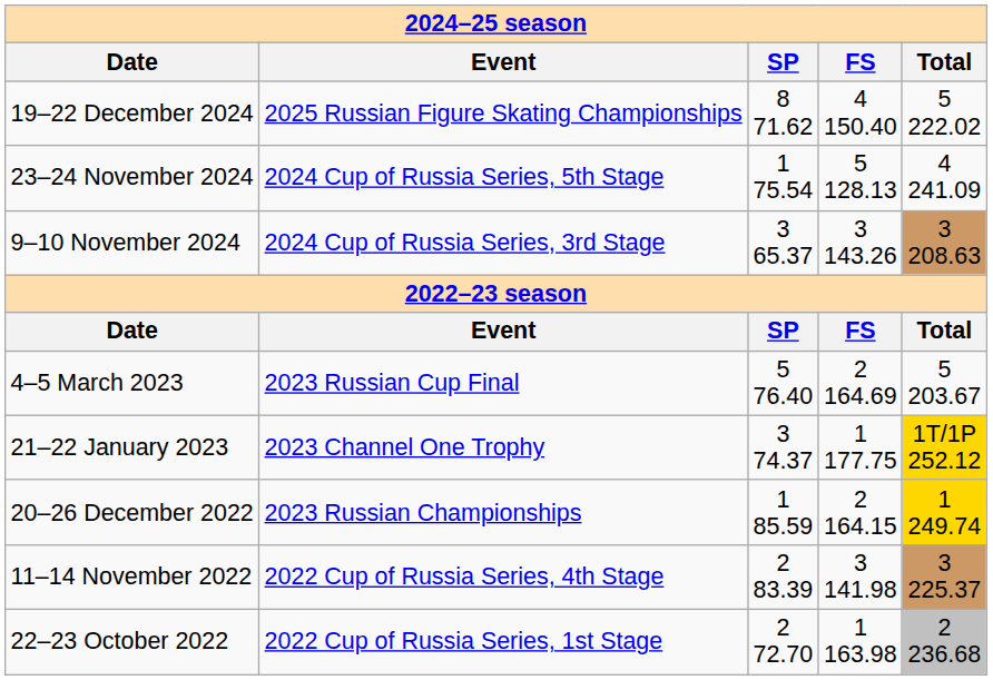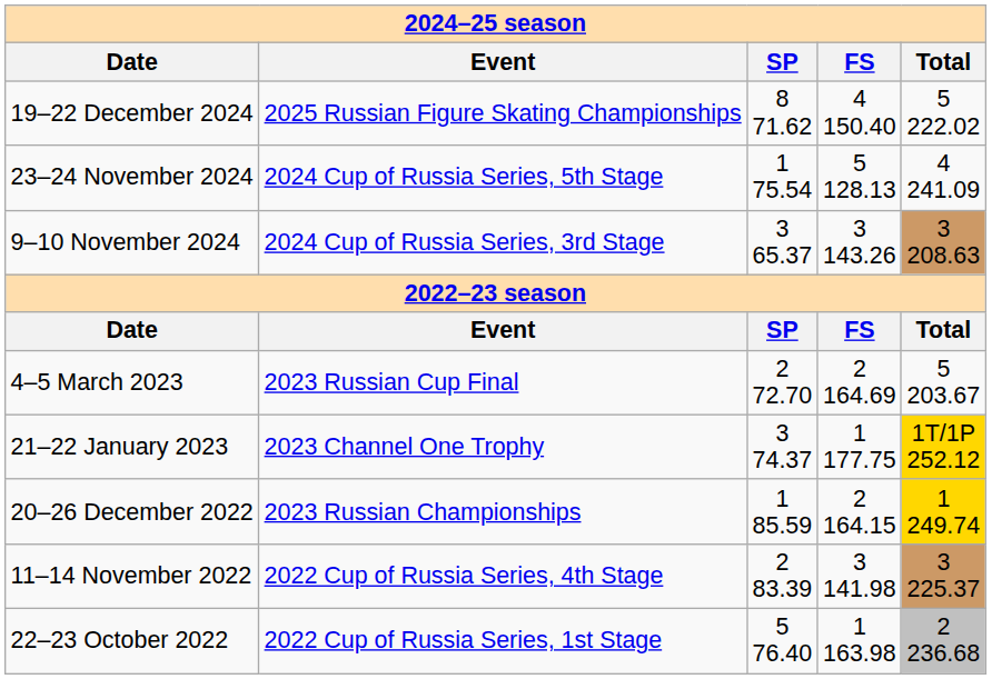 <table class="wikitable">
 <tr>
 <td style="background-color: #ffdead; " colspan=6 align=center><a href='#'><strong>2024–25 season</strong></a></td>
 </tr>
 <tr>
 <th>Date</th>
 <th>Event</th>
 <th><a href='#'>SP</a></th>
 <th><a href='#'>FS</a></th>
 <th>Total</th>
 </tr>
 <tr>
 <td>19–22 December 2024</td>
 <td><a href='#'>2025 Russian Figure Skating Championships</a></td>
 <td align=center>8 <br> 71.62</td>
 <td align=center>4 <br> 150.40</td>
 <td align=center>5 <br> 222.02</td>
 </tr>
 <tr>
 <td>23–24 November 2024</td>
 <td><a href='#'>2024 Cup of Russia Series, 5th Stage</a></td>
 <td align=center>1 <br> 75.54</td>
 <td align=center>5 <br> 128.13</td>
 <td align=center>4 <br> 241.09</td>
 </tr>
 <tr>
 <td>9–10 November 2024</td>
 <td><a href='#'>2024 Cup of Russia Series, 3rd Stage</a></td>
 <td align=center>3 <br> 65.37</td>
 <td align=center>3 <br> 143.26</td>
 <td align=center bgcolor=cc9966>3 <br> 208.63</td>
 </tr>
 <tr>
 <td style="background-color: #ffdead; " colspan=6 align=center><a href='#'><strong>2022–23 season</strong></a></td>
 </tr>
 <tr>
 <th>Date</th>
 <th>Event</th>
 <th><a href='#'>SP</a></th>
 <th><a href='#'>FS</a></th>
 <th>Total</th>
 </tr>
 <tr>
 <td>4–5 March 2023</td>
 <td><a href='#'>2023 Russian Cup Final</a></td>
-<td align=center>5 <br> 76.40</td>
+<td align=center>2 <br> 72.70</td>
 <td align=center>2 <br> 164.69</td>
 <td align=center>5 <br> 203.67</td>
 </tr>
 <tr>
 <td>21–22 January 2023</td>
 <td><a href='#'>2023 Channel One Trophy</a></td>
 <td align=center>3 <br> 74.37</td>
 <td align=center>1 <br> 177.75</td>
 <td align=center bgcolor=gold>1T/1P <br> 252.12</td>
 </tr>
 <tr>
 <td>20–26 December 2022</td>
 <td><a href='#'>2023 Russian Championships</a></td>
 <td align=center>1 <br> 85.59</td>
 <td align=center>2 <br> 164.15</td>
 <td align=center bgcolor=gold>1 <br> 249.74</td>
 </tr>
 <tr>
 <td>11–14 November 2022</td>
 <td><a href='#'>2022 Cup of Russia Series, 4th Stage</a></td>
 <td align=center>2 <br> 83.39</td>
 <td align=center>3 <br> 141.98</td>
 <td align=center bgcolor=cc9966>3 <br> 225.37</td>
 </tr>
 <tr>
 <td>22–23 October 2022</td>
 <td><a href='#'>2022 Cup of Russia Series, 1st Stage</a></td>
-<td align=center>2 <br> 72.70</td>
+<td align=center>5 <br> 76.40</td>
 <td align=center>1 <br> 163.98</td>
 <td align=center bgcolor=silver>2 <br> 236.68</td>
 </tr>
 </table>
